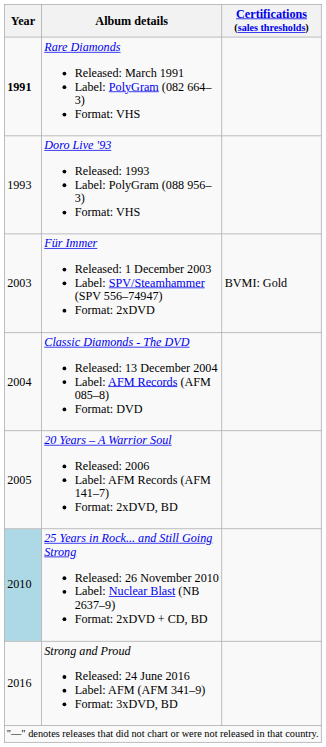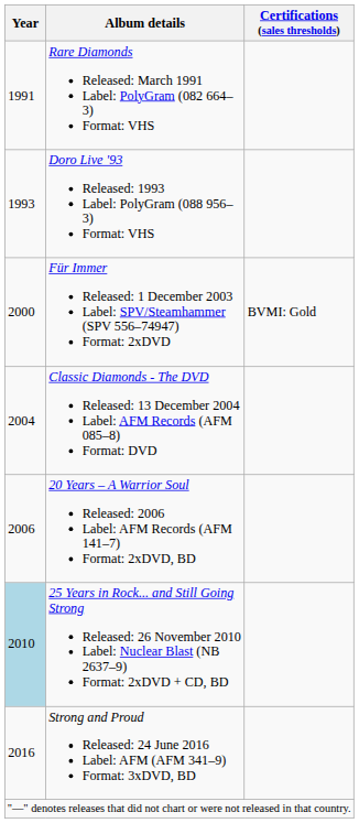 <table class="wikitable">
 <tr>
 <th>Year</th>
 <th width="230">Album details</th>
 <th><a href='#'>Certifications</a><br><small>(<a href='#'>sales thresholds</a>)</small></th>
 </tr>
 <tr>
-<td><strong>1991</strong></td>
+<td>1991</td>
 <td><em><a href='#'>Rare Diamonds</a></em><br><ul><li>Released: March 1991</li><li>Label: <a href='#'>PolyGram</a> (082 664–3)</li><li>Format: VHS</li></ul></td>
 <td></td>
 </tr>
 <tr>
 <td>1993</td>
 <td><em><a href='#'>Doro Live '93</a></em><br><ul><li>Released: 1993</li><li>Label: PolyGram (088 956–3)</li><li>Format: VHS</li></ul></td>
 <td></td>
 </tr>
 <tr>
-<td>2003</td>
+<td>2000</td>
 <td><em><a href='#'>Für Immer</a></em><br><ul><li>Released: 1 December 2003</li><li>Label: <a href='#'>SPV/Steamhammer</a> (SPV 556–74947)</li><li>Format: 2xDVD</li></ul></td>
 <td>BVMI: Gold</td>
 </tr>
 <tr>
 <td>2004</td>
 <td><em><a href='#'>Classic Diamonds - The DVD</a></em><br><ul><li>Released: 13 December 2004</li><li>Label: <a href='#'>AFM Records</a> (AFM 085–8)</li><li>Format: DVD</li></ul></td>
 <td></td>
 </tr>
 <tr>
-<td>2005</td>
+<td>2006</td>
 <td><em><a href='#'>20 Years – A Warrior Soul</a></em><br><ul><li>Released: 2006</li><li>Label: AFM Records (AFM 141–7)</li><li>Format: 2xDVD, BD</li></ul></td>
 <td></td>
 </tr>
 <tr>
 <td style="background: lightblue;">2010</td>
 <td><em><a href='#'>25 Years in Rock... and Still Going Strong</a></em><br><ul><li>Released: 26 November 2010</li><li>Label: <a href='#'>Nuclear Blast</a> (NB 2637–9)</li><li>Format: 2xDVD + CD, BD</li></ul></td>
 <td></td>
 </tr>
 <tr>
 <td>2016</td>
 <td><em>Strong and Proud</em><br><ul><li>Released: 24 June 2016</li><li>Label: AFM (AFM 341–9)</li><li>Format: 3xDVD, BD</li></ul></td>
 <td></td>
 </tr>
 <tr>
 <td align="center" colspan="15" style="font-size: 85%">"—" denotes releases that did not chart or were not released in that country.</td>
 </tr>
 </table>
